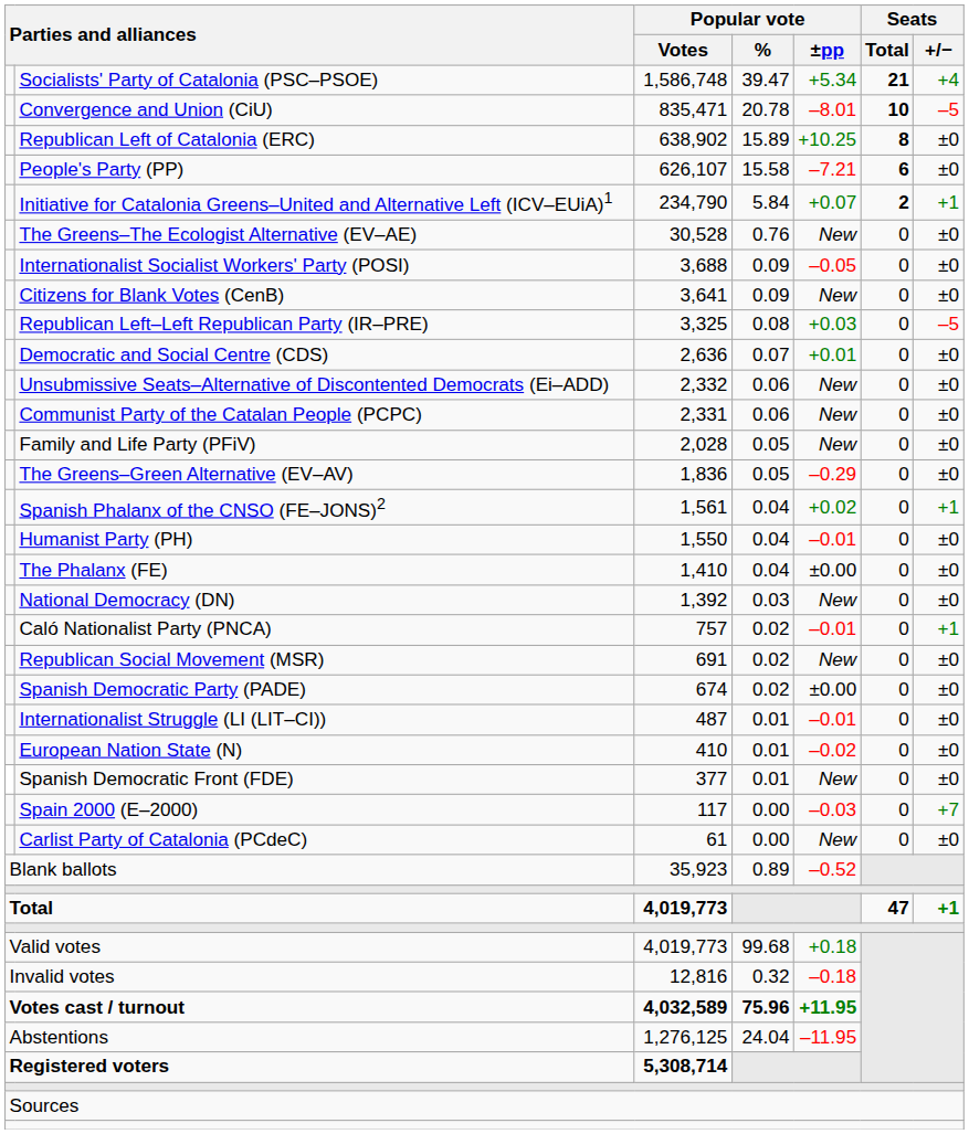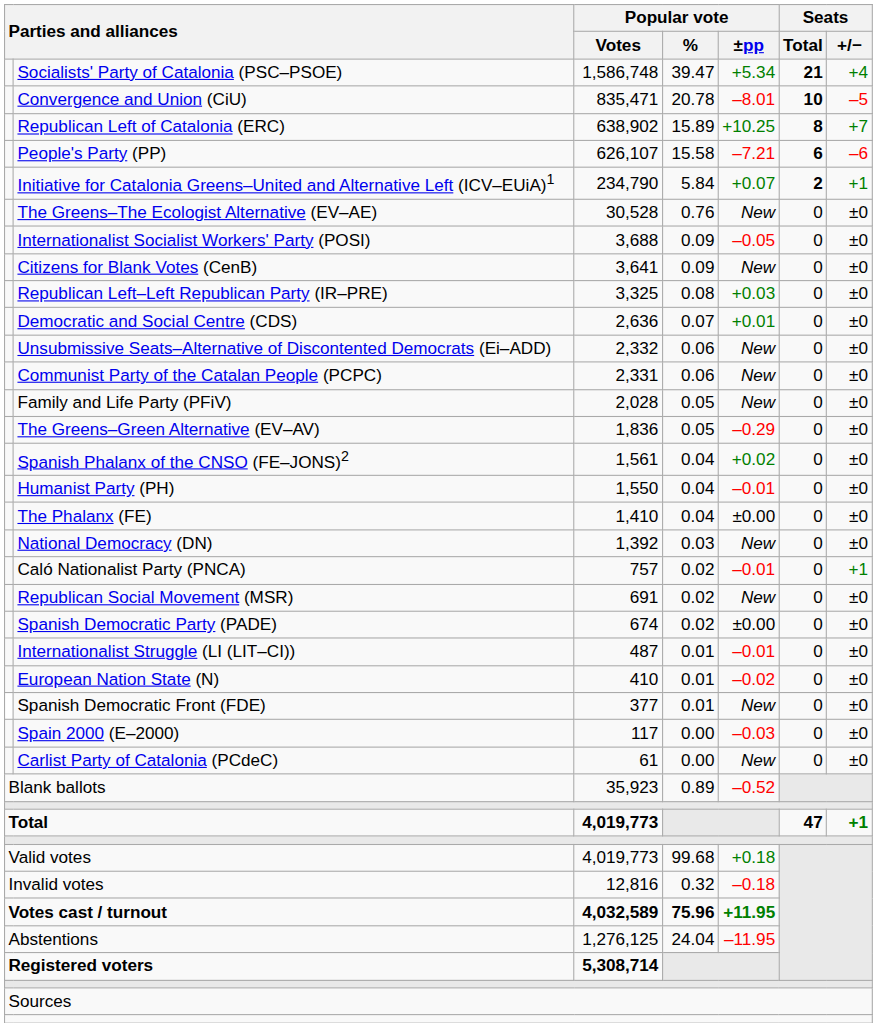 <table class="wikitable" style="text-align:right;">
 <tr>
 <th style="text-align:left;" rowspan="2" colspan="2" width="525">Parties and alliances</th>
 <th colspan="3">Popular vote</th>
 <th colspan="2">Seats</th>
 </tr>
 <tr>
 <th width="75">Votes</th>
 <th width="45">%</th>
 <th width="45">±<a href='#'>pp</a></th>
 <th width="35">Total</th>
 <th width="35">+/−</th>
 </tr>
 <tr>
 <td width="1" style="color:inherit;background:"></td>
 <td align="left"><a href='#'>Socialists' Party of Catalonia</a> (PSC–PSOE)</td>
 <td>1,586,748</td>
 <td>39.47</td>
 <td style="color:green;">+5.34</td>
 <td><strong>21</strong></td>
 <td style="color:green;">+4</td>
 </tr>
 <tr>
 <td style="color:inherit;background:"></td>
 <td align="left"><a href='#'>Convergence and Union</a> (CiU)</td>
 <td>835,471</td>
 <td>20.78</td>
 <td style="color:red;">–8.01</td>
 <td><strong>10</strong></td>
 <td style="color:red;">–5</td>
 </tr>
 <tr>
 <td style="color:inherit;background:"></td>
 <td align="left"><a href='#'>Republican Left of Catalonia</a> (ERC)</td>
 <td>638,902</td>
 <td>15.89</td>
 <td style="color:green;">+10.25</td>
 <td><strong>8</strong></td>
-<td>±0</td>
+<td style="color:green;">+7</td>
 </tr>
 <tr>
 <td style="color:inherit;background:"></td>
 <td align="left"><a href='#'>People's Party</a> (PP)</td>
 <td>626,107</td>
 <td>15.58</td>
 <td style="color:red;">–7.21</td>
 <td><strong>6</strong></td>
-<td>±0</td>
+<td style="color:red;">–6</td>
 </tr>
 <tr>
 <td style="color:inherit;background:"></td>
 <td align="left"><a href='#'>Initiative for Catalonia Greens–United and Alternative Left</a> (ICV–EUiA)<sup>1</sup></td>
 <td>234,790</td>
 <td>5.84</td>
 <td style="color:green;">+0.07</td>
 <td><strong>2</strong></td>
 <td style="color:green;">+1</td>
 </tr>
 <tr>
 <td style="color:inherit;background:"></td>
 <td align="left"><a href='#'>The Greens–The Ecologist Alternative</a> (EV–AE)</td>
 <td>30,528</td>
 <td>0.76</td>
 <td><em>New</em></td>
 <td>0</td>
 <td>±0</td>
 </tr>
 <tr>
 <td style="color:inherit;background:"></td>
 <td align="left"><a href='#'>Internationalist Socialist Workers' Party</a> (POSI)</td>
 <td>3,688</td>
 <td>0.09</td>
 <td style="color:red;">–0.05</td>
 <td>0</td>
 <td>±0</td>
 </tr>
 <tr>
 <td style="color:inherit;background:"></td>
 <td align="left"><a href='#'>Citizens for Blank Votes</a> (CenB)</td>
 <td>3,641</td>
 <td>0.09</td>
 <td><em>New</em></td>
 <td>0</td>
 <td>±0</td>
 </tr>
 <tr>
 <td style="color:inherit;background:"></td>
 <td align="left"><a href='#'>Republican Left–Left Republican Party</a> (IR–PRE)</td>
 <td>3,325</td>
 <td>0.08</td>
 <td style="color:green;">+0.03</td>
 <td>0</td>
-<td style="color:red;">–5</td>
+<td>±0</td>
 </tr>
 <tr>
 <td style="color:inherit;background:"></td>
 <td align="left"><a href='#'>Democratic and Social Centre</a> (CDS)</td>
 <td>2,636</td>
 <td>0.07</td>
 <td style="color:green;">+0.01</td>
 <td>0</td>
 <td>±0</td>
 </tr>
 <tr>
 <td style="color:inherit;background:"></td>
 <td align="left"><a href='#'>Unsubmissive Seats–Alternative of Discontented Democrats</a> (Ei–ADD)</td>
 <td>2,332</td>
 <td>0.06</td>
 <td><em>New</em></td>
 <td>0</td>
 <td>±0</td>
 </tr>
 <tr>
 <td style="color:inherit;background:"></td>
 <td align="left"><a href='#'>Communist Party of the Catalan People</a> (PCPC)</td>
 <td>2,331</td>
 <td>0.06</td>
 <td><em>New</em></td>
 <td>0</td>
 <td>±0</td>
 </tr>
 <tr>
 <td style="color:inherit;background:"></td>
 <td align="left">Family and Life Party (PFiV)</td>
 <td>2,028</td>
 <td>0.05</td>
 <td><em>New</em></td>
 <td>0</td>
 <td>±0</td>
 </tr>
 <tr>
 <td style="color:inherit;background:"></td>
 <td align="left"><a href='#'>The Greens–Green Alternative</a> (EV–AV)</td>
 <td>1,836</td>
 <td>0.05</td>
 <td style="color:red;">–0.29</td>
 <td>0</td>
 <td>±0</td>
 </tr>
 <tr>
 <td style="color:inherit;background:"></td>
 <td align="left"><a href='#'>Spanish Phalanx of the CNSO</a> (FE–JONS)<sup>2</sup></td>
 <td>1,561</td>
 <td>0.04</td>
 <td style="color:green;">+0.02</td>
 <td>0</td>
-<td style="color:green;">+1</td>
+<td>±0</td>
 </tr>
 <tr>
 <td style="color:inherit;background:"></td>
 <td align="left"><a href='#'>Humanist Party</a> (PH)</td>
 <td>1,550</td>
 <td>0.04</td>
 <td style="color:red;">–0.01</td>
 <td>0</td>
 <td>±0</td>
 </tr>
 <tr>
 <td style="color:inherit;background:"></td>
 <td align="left"><a href='#'>The Phalanx</a> (FE)</td>
 <td>1,410</td>
 <td>0.04</td>
 <td>±0.00</td>
 <td>0</td>
 <td>±0</td>
 </tr>
 <tr>
 <td style="color:inherit;background:"></td>
 <td align="left"><a href='#'>National Democracy</a> (DN)</td>
 <td>1,392</td>
 <td>0.03</td>
 <td><em>New</em></td>
 <td>0</td>
 <td>±0</td>
 </tr>
 <tr>
 <td style="color:inherit;background:"></td>
 <td align="left">Caló Nationalist Party (PNCA)</td>
 <td>757</td>
 <td>0.02</td>
 <td style="color:red;">–0.01</td>
 <td>0</td>
 <td style="color:green;">+1</td>
 </tr>
 <tr>
 <td style="color:inherit;background:"></td>
 <td align="left"><a href='#'>Republican Social Movement</a> (MSR)</td>
 <td>691</td>
 <td>0.02</td>
 <td><em>New</em></td>
 <td>0</td>
 <td>±0</td>
 </tr>
 <tr>
 <td style="color:inherit;background:"></td>
 <td align="left"><a href='#'>Spanish Democratic Party</a> (PADE)</td>
 <td>674</td>
 <td>0.02</td>
 <td>±0.00</td>
 <td>0</td>
 <td>±0</td>
 </tr>
 <tr>
 <td style="color:inherit;background:"></td>
 <td align="left"><a href='#'>Internationalist Struggle</a> (LI (LIT–CI))</td>
 <td>487</td>
 <td>0.01</td>
 <td style="color:red;">–0.01</td>
 <td>0</td>
 <td>±0</td>
 </tr>
 <tr>
 <td style="color:inherit;background:"></td>
 <td align="left"><a href='#'>European Nation State</a> (N)</td>
 <td>410</td>
 <td>0.01</td>
 <td style="color:red;">–0.02</td>
 <td>0</td>
 <td>±0</td>
 </tr>
 <tr>
 <td bgcolor="white"></td>
 <td align="left">Spanish Democratic Front (FDE)</td>
 <td>377</td>
 <td>0.01</td>
 <td><em>New</em></td>
 <td>0</td>
 <td>±0</td>
 </tr>
 <tr>
 <td style="color:inherit;background:"></td>
 <td align="left"><a href='#'>Spain 2000</a> (E–2000)</td>
 <td>117</td>
 <td>0.00</td>
 <td style="color:red;">–0.03</td>
 <td>0</td>
-<td style="color:green;">+7</td>
+<td>±0</td>
 </tr>
 <tr>
 <td style="color:inherit;background:"></td>
 <td align="left"><a href='#'>Carlist Party of Catalonia</a> (PCdeC)</td>
 <td>61</td>
 <td>0.00</td>
 <td><em>New</em></td>
 <td>0</td>
 <td>±0</td>
 </tr>
 <tr>
 <td align="left" colspan="2">Blank ballots</td>
 <td>35,923</td>
 <td>0.89</td>
 <td style="color:red;">–0.52</td>
 <td bgcolor="#E9E9E9" colspan="2"></td>
 </tr>
 <tr>
 <td colspan="7" bgcolor="#E9E9E9"></td>
 </tr>
 <tr style="font-weight:bold;">
 <td align="left" colspan="2">Total</td>
 <td>4,019,773</td>
 <td bgcolor="#E9E9E9" colspan="2"></td>
 <td>47</td>
 <td style="color:green;">+1</td>
 </tr>
 <tr>
 <td colspan="7" bgcolor="#E9E9E9"></td>
 </tr>
 <tr>
 <td align="left" colspan="2">Valid votes</td>
 <td>4,019,773</td>
 <td>99.68</td>
 <td style="color:green;">+0.18</td>
 <td bgcolor="#E9E9E9" colspan="2" rowspan="5"></td>
 </tr>
 <tr>
 <td align="left" colspan="2">Invalid votes</td>
 <td>12,816</td>
 <td>0.32</td>
 <td style="color:red;">–0.18</td>
 </tr>
 <tr style="font-weight:bold;">
 <td align="left" colspan="2">Votes cast / turnout</td>
 <td>4,032,589</td>
 <td>75.96</td>
 <td style="color:green;">+11.95</td>
 </tr>
 <tr>
 <td align="left" colspan="2">Abstentions</td>
 <td>1,276,125</td>
 <td>24.04</td>
 <td style="color:red;">–11.95</td>
 </tr>
 <tr style="font-weight:bold;">
 <td align="left" colspan="2">Registered voters</td>
 <td>5,308,714</td>
 <td bgcolor="#E9E9E9" colspan="2"></td>
 </tr>
 <tr>
 <td colspan="7" bgcolor="#E9E9E9"></td>
 </tr>
 <tr>
 <td align="left" colspan="7">Sources</td>
 </tr>
 <tr>
 <td colspan="7" style="text-align:left; max-width:790px;"></td>
 </tr>
 </table>
